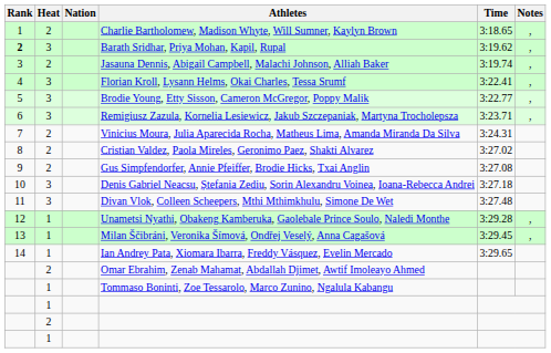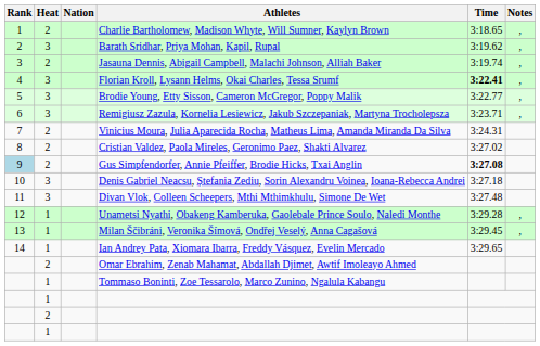 <table class="wikitable sortable" style="text-align:center">
 <tr>
 <th>Rank</th>
 <th>Heat</th>
 <th>Nation</th>
 <th>Athletes</th>
 <th>Time</th>
 <th>Notes</th>
 </tr>
 <tr bgcolor=ccffcc>
 <td>1</td>
 <td>2</td>
 <td align=left></td>
 <td align=left><a href='#'>Charlie Bartholomew</a>, <a href='#'>Madison Whyte</a>, <a href='#'>Will Sumner</a>, <a href='#'>Kaylyn Brown</a></td>
 <td>3:18.65</td>
 <td>, </td>
 </tr>
 <tr bgcolor=ccffcc>
-<td><strong>2</strong></td>
+<td>2</td>
 <td>3</td>
 <td align=left></td>
 <td align=left><a href='#'>Barath Sridhar</a>, <a href='#'>Priya Mohan</a>, <a href='#'>Kapil</a>, <a href='#'>Rupal</a></td>
 <td>3:19.62</td>
 <td>, </td>
 </tr>
 <tr bgcolor=ccffcc>
 <td>3</td>
 <td>2</td>
 <td align=left></td>
 <td align=left><a href='#'>Jasauna Dennis</a>, <a href='#'>Abigail Campbell</a>, <a href='#'>Malachi Johnson</a>, <a href='#'>Alliah Baker</a></td>
 <td>3:19.74</td>
 <td>, </td>
 </tr>
 <tr bgcolor=ccffcc>
 <td>4</td>
 <td>3</td>
 <td align=left></td>
 <td align=left><a href='#'>Florian Kroll</a>, <a href='#'>Lysann Helms</a>, <a href='#'>Okai Charles</a>, <a href='#'>Tessa Srumf</a></td>
-<td>3:22.41</td>
+<td><strong>3:22.41</strong></td>
 <td>, </td>
 </tr>
 <tr bgcolor=ddffdd>
 <td>5</td>
 <td>3</td>
 <td align=left></td>
 <td align=left><a href='#'>Brodie Young</a>, <a href='#'>Etty Sisson</a>, <a href='#'>Cameron McGregor</a>, <a href='#'>Poppy Malik</a></td>
 <td>3:22.77</td>
 <td>, </td>
 </tr>
 <tr bgcolor=ddffdd>
 <td>6</td>
 <td>3</td>
 <td align=left></td>
 <td align=left><a href='#'>Remigiusz Zazula</a>, <a href='#'>Kornelia Lesiewicz</a>, <a href='#'>Jakub Szczepaniak</a>, <a href='#'>Martyna Trocholepsza</a></td>
 <td>3:23.71</td>
 <td>, </td>
 </tr>
 <tr>
 <td>7</td>
 <td>2</td>
 <td align=left></td>
 <td align=left><a href='#'>Vinicius Moura</a>, <a href='#'>Julia Aparecida Rocha</a>, <a href='#'>Matheus Lima</a>, <a href='#'>Amanda Miranda Da Silva</a></td>
 <td>3:24.31</td>
 <td></td>
 </tr>
 <tr>
 <td>8</td>
 <td>2</td>
 <td align=left></td>
 <td align=left><a href='#'>Cristian Valdez</a>, <a href='#'>Paola Mireles</a>, <a href='#'>Geronimo Paez</a>, <a href='#'>Shakti Alvarez</a></td>
 <td>3:27.02</td>
 <td></td>
 </tr>
 <tr>
-<td>9</td>
+<td style="background: lightblue;">9</td>
 <td>2</td>
 <td align=left></td>
 <td align=left><a href='#'>Gus Simpfendorfer</a>, <a href='#'>Annie Pfeiffer</a>, <a href='#'>Brodie Hicks</a>, <a href='#'>Txai Anglin</a></td>
-<td>3:27.08</td>
+<td><strong>3:27.08</strong></td>
 <td></td>
 </tr>
 <tr>
 <td>10</td>
 <td>3</td>
 <td align=left></td>
 <td align=left><a href='#'>Denis Gabriel Neacsu</a>, <a href='#'>Ștefania Zediu</a>, <a href='#'>Sorin Alexandru Voinea</a>, <a href='#'>Ioana-Rebecca Andrei</a></td>
 <td>3:27.18</td>
 <td></td>
 </tr>
 <tr>
 <td>11</td>
 <td>3</td>
 <td align=left></td>
 <td align=left><a href='#'>Divan Vlok</a>, <a href='#'>Colleen Scheepers</a>, <a href='#'>Mthi Mthimkhulu</a>, <a href='#'>Simone De Wet</a></td>
 <td>3:27.48</td>
 <td></td>
 </tr>
 <tr bgcolor=ccffcc>
 <td>12</td>
 <td>1</td>
 <td align=left></td>
 <td align=left><a href='#'>Unametsi Nyathi</a>, <a href='#'>Obakeng Kamberuka</a>, <a href='#'>Gaolebale Prince Soulo</a>, <a href='#'>Naledi Monthe</a></td>
 <td>3:29.28</td>
 <td>, </td>
 </tr>
 <tr bgcolor=ccffcc>
 <td>13</td>
 <td>1</td>
 <td align=left></td>
 <td align=left><a href='#'>Milan Ščibráni</a>, <a href='#'>Veronika Šímová</a>, <a href='#'>Ondřej Veselý</a>, <a href='#'>Anna Cagašová</a></td>
 <td>3:29.45</td>
 <td>, </td>
 </tr>
 <tr>
 <td>14</td>
 <td>1</td>
 <td align=left></td>
 <td align=left><a href='#'>Ian Andrey Pata</a>, <a href='#'>Xiomara Ibarra</a>, <a href='#'>Freddy Vásquez</a>, <a href='#'>Evelin Mercado</a></td>
 <td>3:29.65</td>
 <td></td>
 </tr>
 <tr>
 <td></td>
 <td>2</td>
 <td align=left></td>
 <td align=left><a href='#'>Omar Ebrahim</a>, <a href='#'>Zenab Mahamat</a>, <a href='#'>Abdallah Djimet</a>, <a href='#'>Awtif Imoleayo Ahmed</a></td>
 <td></td>
 <td></td>
 </tr>
 <tr>
 <td></td>
 <td>1</td>
 <td align=left></td>
 <td align=left><a href='#'>Tommaso Boninti</a>, <a href='#'>Zoe Tessarolo</a>, <a href='#'>Marco Zunino</a>, <a href='#'>Ngalula Kabangu</a></td>
 <td></td>
 <td></td>
 </tr>
 <tr>
 <td></td>
 <td>1</td>
 <td align=left></td>
 <td align=left></td>
 <td colspan=2></td>
 </tr>
 <tr>
 <td></td>
 <td>2</td>
 <td align=left></td>
 <td align=left></td>
 <td colspan=2></td>
 </tr>
 <tr>
 <td></td>
 <td>1</td>
 <td align=left></td>
 <td align=left></td>
 <td colspan=2></td>
 </tr>
 </table>
